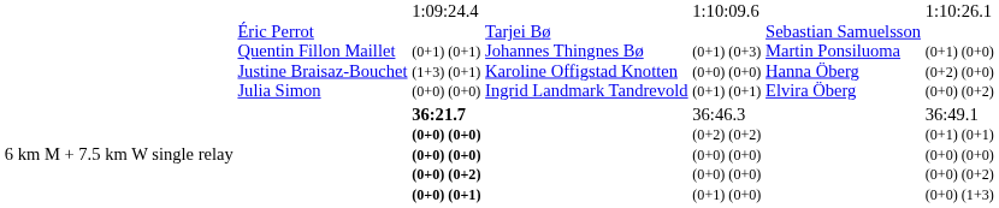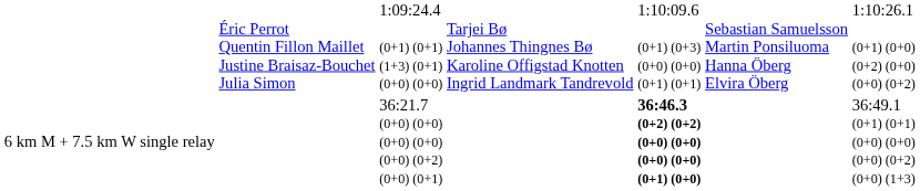 <table>
 <tr>
 <td><br></td>
 <td><br><a href='#'>Éric Perrot</a><br><a href='#'>Quentin Fillon Maillet</a><br><a href='#'>Justine Braisaz-Bouchet</a><br><a href='#'>Julia Simon</a></td>
 <td>1:09:24.4<br><small><br>(0+1) (0+1)<br>(1+3) (0+1)<br>(0+0) (0+0)</small></td>
 <td><br><a href='#'>Tarjei Bø</a><br><a href='#'>Johannes Thingnes Bø</a><br><a href='#'>Karoline Offigstad Knotten</a><br><a href='#'>Ingrid Landmark Tandrevold</a></td>
 <td>1:10:09.6<br><small><br>(0+1) (0+3)<br>(0+0) (0+0)<br>(0+1) (0+1)</small></td>
 <td><br><a href='#'>Sebastian Samuelsson</a><br><a href='#'>Martin Ponsiluoma</a><br><a href='#'>Hanna Öberg</a><br><a href='#'>Elvira Öberg</a></td>
 <td>1:10:26.1<br><small><br>(0+1) (0+0)<br>(0+2) (0+0)<br>(0+0) (0+2)</small></td>
 </tr>
 <tr>
 <td>6 km M + 7.5 km W single relay<br></td>
 <td></td>
-<td><strong>36:21.7<br><small>(0+0) (0+0)<br>(0+0) (0+0)<br>(0+0) (0+2)<br>(0+0) (0+1)</small></strong></td>
+<td>36:21.7<br><small>(0+0) (0+0)<br>(0+0) (0+0)<br>(0+0) (0+2)<br>(0+0) (0+1)</small></td>
 <td></td>
-<td>36:46.3<br><small>(0+2) (0+2)<br>(0+0) (0+0)<br>(0+0) (0+0)<br>(0+1) (0+0)</small></td>
+<td><strong>36:46.3<br><small>(0+2) (0+2)<br>(0+0) (0+0)<br>(0+0) (0+0)<br>(0+1) (0+0)</small></strong></td>
 <td></td>
 <td>36:49.1<br><small>(0+1) (0+1)<br>(0+0) (0+0)<br>(0+0) (0+2)<br>(0+0) (1+3)</small></td>
 </tr>
 </table>
